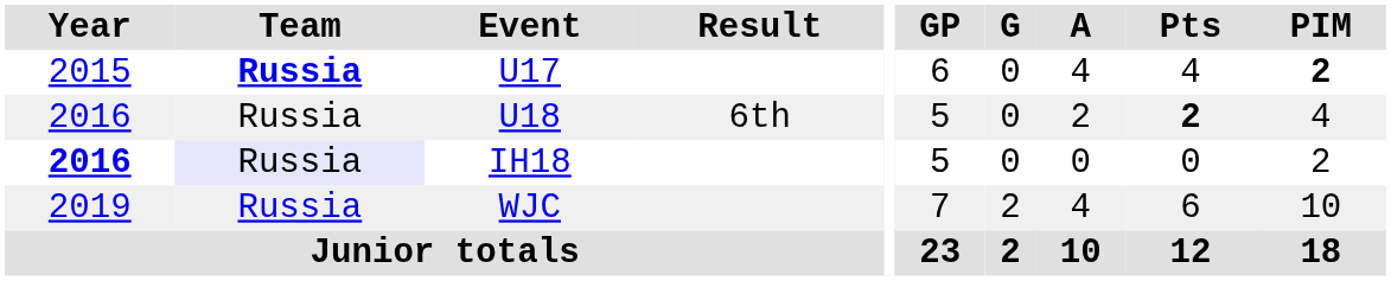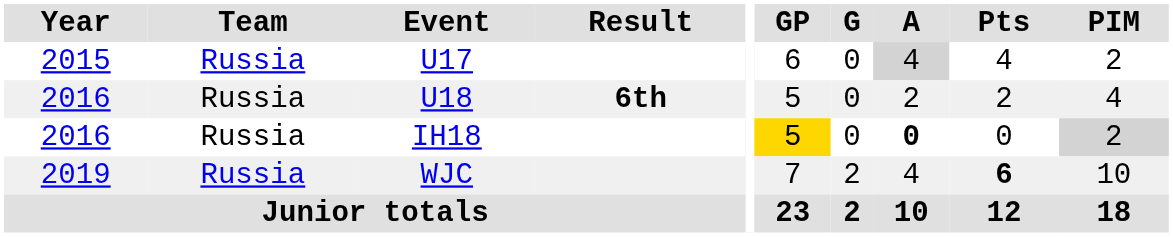 <table border="0" cellpadding="1" cellspacing="0" ID="Table3" style="text-align:center; width:40em">
 <tr ALIGN="center" bgcolor="#e0e0e0">
 <th>Year</th>
 <th>Team</th>
 <th>Event</th>
 <th>Result</th>
 <th rowspan="99" bgcolor="#ffffff"></th>
 <th>GP</th>
 <th>G</th>
 <th>A</th>
 <th>Pts</th>
 <th>PIM</th>
 </tr>
 <tr>
 <td><a href='#'>2015</a></td>
-<td><strong><a href='#'>Russia</a></strong></td>
+<td><a href='#'>Russia</a></td>
 <td><a href='#'>U17</a></td>
 <td></td>
 <td>6</td>
 <td>0</td>
+<td style="background: lightgrey;">4</td>
 <td>4</td>
-<td>4</td>
-<td><strong>2</strong></td>
+<td>2</td>
 </tr>
 <tr bgcolor="#f0f0f0">
 <td><a href='#'>2016</a></td>
 <td>Russia</td>
 <td><a href='#'>U18</a></td>
-<td>6th</td>
+<td><strong>6th</strong></td>
 <td>5</td>
 <td>0</td>
 <td>2</td>
-<td><strong>2</strong></td>
+<td>2</td>
 <td>4</td>
 </tr>
 <tr>
-<td><strong><a href='#'>2016</a></strong></td>
-<td style="background: lavender;">Russia</td>
+<td><a href='#'>2016</a></td>
+<td>Russia</td>
 <td><a href='#'>IH18</a></td>
 <td></td>
-<td>5</td>
+<td style="background: gold;">5</td>
 <td>0</td>
+<td><strong>0</strong></td>
 <td>0</td>
-<td>0</td>
-<td>2</td>
+<td style="background: lightgrey;">2</td>
 </tr>
 <tr bgcolor="#f0f0f0">
 <td><a href='#'>2019</a></td>
 <td><a href='#'>Russia</a></td>
 <td><a href='#'>WJC</a></td>
 <td></td>
 <td>7</td>
 <td>2</td>
 <td>4</td>
-<td>6</td>
+<td><strong>6</strong></td>
 <td>10</td>
 </tr>
 <tr bgcolor="#e0e0e0">
 <th colspan="4">Junior totals</th>
 <th>23</th>
 <th>2</th>
 <th>10</th>
 <th>12</th>
 <th>18</th>
 </tr>
 </table>
